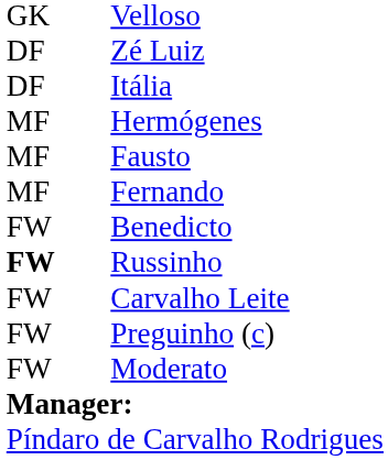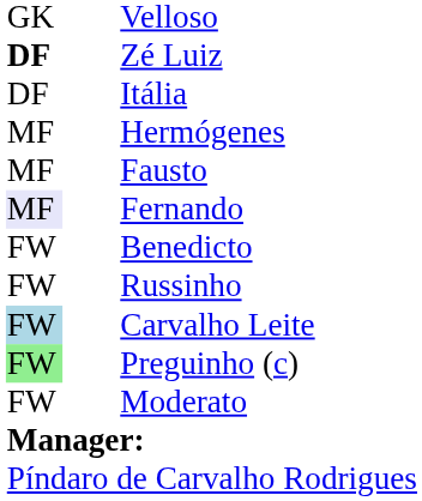 <table style="font-size:90%; margin:0.2em auto;" cellspacing="0" cellpadding="0">
 <tr>
 <th width="25"></th>
 <th width="25"></th>
 </tr>
 <tr>
 <td>GK</td>
 <td></td>
 <td><a href='#'>Velloso</a></td>
 </tr>
 <tr>
-<td>DF</td>
+<td><strong>DF</strong></td>
 <td></td>
 <td><a href='#'>Zé Luiz</a></td>
 </tr>
 <tr>
 <td>DF</td>
 <td></td>
 <td><a href='#'>Itália</a></td>
 </tr>
 <tr>
 <td>MF</td>
 <td></td>
 <td><a href='#'>Hermógenes</a></td>
 </tr>
 <tr>
 <td>MF</td>
 <td></td>
 <td><a href='#'>Fausto</a></td>
 </tr>
 <tr>
-<td>MF</td>
+<td style="background: lavender;">MF</td>
 <td></td>
 <td><a href='#'>Fernando</a></td>
 </tr>
 <tr>
 <td>FW</td>
 <td></td>
 <td><a href='#'>Benedicto</a></td>
 </tr>
 <tr>
-<td><strong>FW</strong></td>
+<td>FW</td>
 <td></td>
 <td><a href='#'>Russinho</a></td>
 </tr>
 <tr>
-<td>FW</td>
+<td style="background: lightblue;">FW</td>
 <td></td>
 <td><a href='#'>Carvalho Leite</a></td>
 </tr>
 <tr>
-<td>FW</td>
+<td style="background: lightgreen;">FW</td>
 <td></td>
 <td><a href='#'>Preguinho</a> (<a href='#'>c</a>)</td>
 </tr>
 <tr>
 <td>FW</td>
 <td></td>
 <td><a href='#'>Moderato</a></td>
 </tr>
 <tr>
 <td colspan=3><strong>Manager:</strong></td>
 </tr>
 <tr>
 <td colspan=4><a href='#'>Píndaro de Carvalho Rodrigues</a></td>
 </tr>
 </table>
